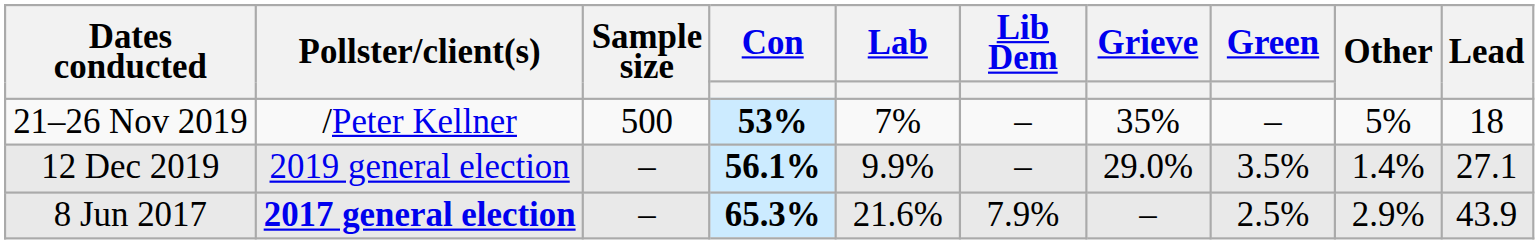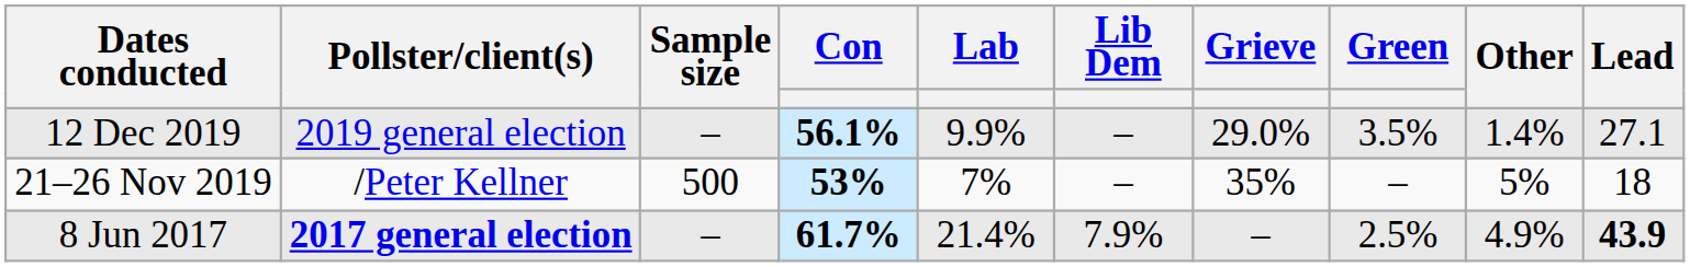 <table class="wikitable sortable mw-datatable" style="text-align:center;line-height:14px;">
 <tr>
 <th rowspan="2">Dates<br>conducted</th>
 <th rowspan="2">Pollster/client(s)</th>
 <th rowspan="2" data-sort-type="number">Sample<br>size</th>
 <th class="unsortable" style="width:50px;"><a href='#'>Con</a></th>
 <th class="unsortable" style="width:50px;"><a href='#'>Lab</a></th>
 <th class="unsortable" style="width:50px;"><a href='#'>Lib Dem</a></th>
 <th class="unsortable" style="width:50px;"><a href='#'>Grieve</a></th>
 <th class="unsortable" style="width:50px;"><a href='#'>Green</a></th>
 <th rowspan="2" class="unsortable">Other</th>
 <th rowspan="2" data-sort-type="number">Lead</th>
 </tr>
 <tr>
 <th data-sort-type="number" style="background:"></th>
 <th data-sort-type="number" style="background:"></th>
 <th data-sort-type="number" style="background:"></th>
 <th data-sort-type="number" style="background:"></th>
 <th data-sort-type="number" style="background:"></th>
 </tr>
+<tr style="background:#E9E9E9;">
+<td data-sort-value="2017-06-08">12 Dec 2019</td>
+<td><a href='#'>2019 general election</a></td>
+<td>–</td>
+<td style="background:#CCEBFF;"><strong>56.1%</strong></td>
+<td>9.9%</td>
+<td>–</td>
+<td>29.0%</td>
+<td>3.5%</td>
+<td>1.4%</td>
+<td style="background:">27.1</td>
+</tr>
 <tr>
 <td data-sort-value="2019-10-26">21–26 Nov 2019</td>
 <td>/<a href='#'>Peter Kellner</a></td>
 <td>500</td>
 <td style="background:#CCEBFF;"><strong>53%</strong></td>
 <td>7%</td>
 <td>–</td>
 <td>35%</td>
 <td>–</td>
 <td>5%</td>
 <td style="background:">18</td>
 </tr>
 <tr style="background:#E9E9E9;">
-<td data-sort-value="2017-06-08">12 Dec 2019</td>
-<td><a href='#'>2019 general election</a></td>
-<td>–</td>
-<td style="background:#CCEBFF;"><strong>56.1%</strong></td>
-<td>9.9%</td>
-<td>–</td>
-<td>29.0%</td>
-<td>3.5%</td>
-<td>1.4%</td>
-<td style="background:">27.1</td>
-</tr>
-<tr style="background:#E9E9E9;">
 <td data-sort-value="2017-06-08">8 Jun 2017</td>
 <td><strong><a href='#'>2017 general election</a></strong></td>
 <td>–</td>
-<td style="background:#CCEBFF;"><strong>65.3%</strong></td>
-<td>21.6%</td>
+<td style="background:#CCEBFF;"><strong>61.7%</strong></td>
+<td>21.4%</td>
 <td>7.9%</td>
 <td>–</td>
 <td>2.5%</td>
-<td>2.9%</td>
-<td style="background:">43.9</td>
+<td>4.9%</td>
+<td style="background:"><strong>43.9</strong></td>
 </tr>
 </table>
